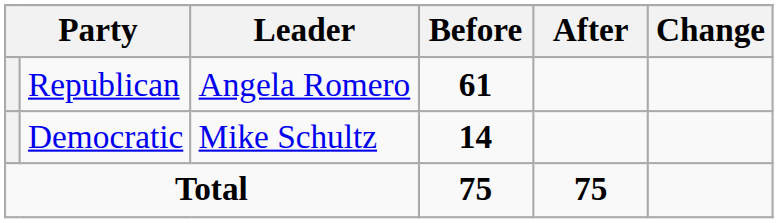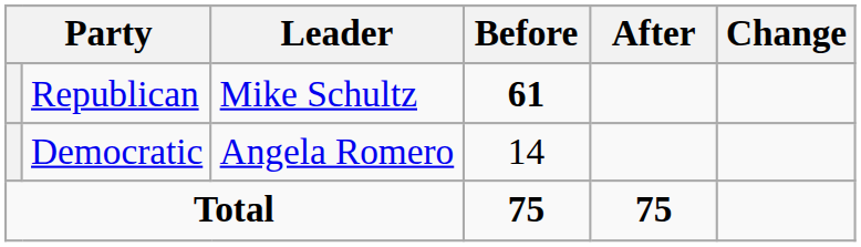 <table class="wikitable" style="text-align:center;">
 <tr>
 </tr>
 <tr>
 <th colspan="2">Party</th>
 <th>Leader</th>
 <th style="width:3em">Before</th>
 <th style="width:3em">After</th>
 <th style="width:3em">Change</th>
 </tr>
 <tr>
 <th style="background-color:"></th>
 <td style="text-align:left;"><a href='#'>Republican</a></td>
-<td style="text-align:left;"><a href='#'>Angela Romero</a></td>
+<td style="text-align:left;"><a href='#'>Mike Schultz</a></td>
 <td><strong>61</strong></td>
 <td></td>
 <td></td>
 </tr>
 <tr>
 <th style="background-color:"></th>
 <td style="text-align:left;"><a href='#'>Democratic</a></td>
-<td style="text-align:left;"><a href='#'>Mike Schultz</a></td>
-<td><strong>14</strong></td>
+<td style="text-align:left;"><a href='#'>Angela Romero</a></td>
+<td>14</td>
 <td></td>
 <td></td>
 </tr>
 <tr>
 <td colspan="3"><strong>Total</strong></td>
 <td><strong>75</strong></td>
 <td><strong>75</strong></td>
 <td></td>
 </tr>
 </table>
